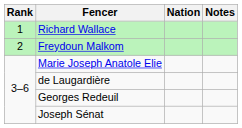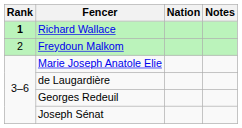 <table class="wikitable sortable" style="text-align:center">
 <tr>
 <th>Rank</th>
 <th>Fencer</th>
 <th>Nation</th>
 <th>Notes</th>
 </tr>
 <tr bgcolor=bbf3bb>
-<td>1</td>
+<td><strong>1</strong></td>
 <td align=left><a href='#'>Richard Wallace</a></td>
 <td align=left></td>
 <td></td>
 </tr>
 <tr bgcolor=bbf3bb>
 <td>2</td>
 <td align=left><a href='#'>Freydoun Malkom</a></td>
 <td align=left></td>
 <td></td>
 </tr>
 <tr>
 <td rowspan=4 align=center>3–6</td>
 <td align=left><a href='#'>Marie Joseph Anatole Elie</a></td>
 <td align=left></td>
 <td></td>
 </tr>
 <tr>
 <td align=left>de Laugardière</td>
 <td align=left></td>
 <td></td>
 </tr>
 <tr>
 <td align=left>Georges Redeuil</td>
 <td align=left></td>
 <td></td>
 </tr>
 <tr>
 <td align=left>Joseph Sénat</td>
 <td align=left></td>
 <td></td>
 </tr>
 </table>
